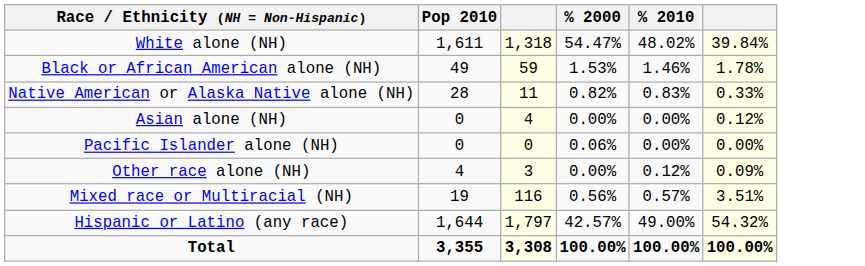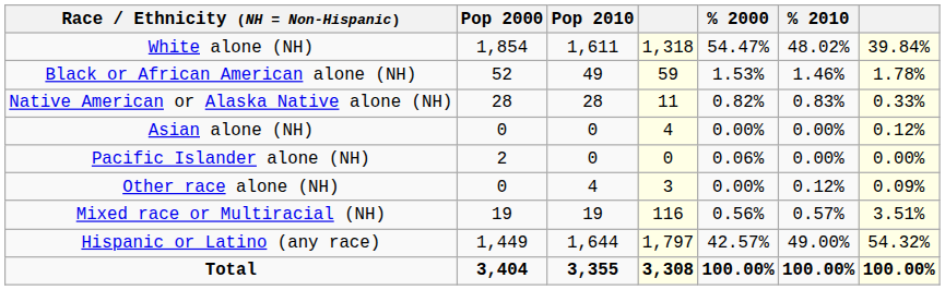 <table class="wikitable" style="text-align:center;">
 <tr>
 <th>Race / Ethnicity <small>(<em>NH = Non-Hispanic</em>)</small></th>
+<th>Pop 2000</th>
 <th>Pop 2010</th>
 <th></th>
 <th>% 2000</th>
 <th>% 2010</th>
 <th></th>
 </tr>
 <tr>
 <td><a href='#'>White</a> alone (NH)</td>
+<td>1,854</td>
 <td>1,611</td>
 <td style='background: #ffffe6;'>1,318</td>
 <td>54.47%</td>
 <td>48.02%</td>
 <td style='background: #ffffe6;'>39.84%</td>
 </tr>
 <tr>
 <td><a href='#'>Black or African American</a> alone (NH)</td>
+<td>52</td>
 <td>49</td>
 <td style='background: #ffffe6;'>59</td>
 <td>1.53%</td>
 <td>1.46%</td>
 <td style='background: #ffffe6;'>1.78%</td>
 </tr>
 <tr>
 <td><a href='#'>Native American</a> or <a href='#'>Alaska Native</a> alone (NH)</td>
 <td>28</td>
+<td>28</td>
 <td style='background: #ffffe6;'>11</td>
 <td>0.82%</td>
 <td>0.83%</td>
 <td style='background: #ffffe6;'>0.33%</td>
 </tr>
 <tr>
 <td><a href='#'>Asian</a> alone (NH)</td>
 <td>0</td>
+<td>0</td>
 <td style='background: #ffffe6;'>4</td>
 <td>0.00%</td>
 <td>0.00%</td>
 <td style='background: #ffffe6;'>0.12%</td>
 </tr>
 <tr>
 <td><a href='#'>Pacific Islander</a> alone (NH)</td>
+<td>2</td>
 <td>0</td>
 <td style='background: #ffffe6;'>0</td>
 <td>0.06%</td>
 <td>0.00%</td>
 <td style='background: #ffffe6;'>0.00%</td>
 </tr>
 <tr>
 <td><a href='#'>Other race</a> alone (NH)</td>
+<td>0</td>
 <td>4</td>
 <td style='background: #ffffe6;'>3</td>
 <td>0.00%</td>
 <td>0.12%</td>
 <td style='background: #ffffe6;'>0.09%</td>
 </tr>
 <tr>
 <td><a href='#'>Mixed race or Multiracial</a> (NH)</td>
 <td>19</td>
+<td>19</td>
 <td style='background: #ffffe6;'>116</td>
 <td>0.56%</td>
 <td>0.57%</td>
 <td style='background: #ffffe6;'>3.51%</td>
 </tr>
 <tr>
 <td><a href='#'>Hispanic or Latino</a> (any race)</td>
+<td>1,449</td>
 <td>1,644</td>
 <td style='background: #ffffe6;'>1,797</td>
 <td>42.57%</td>
 <td>49.00%</td>
 <td style='background: #ffffe6;'>54.32%</td>
 </tr>
 <tr>
 <td><strong>Total</strong></td>
+<td><strong>3,404</strong></td>
 <td><strong>3,355</strong></td>
 <td style='background: #ffffe6;'><strong>3,308</strong></td>
 <td><strong>100.00%</strong></td>
 <td><strong>100.00%</strong></td>
 <td style='background: #ffffe6;'><strong>100.00%</strong></td>
 </tr>
 </table>
